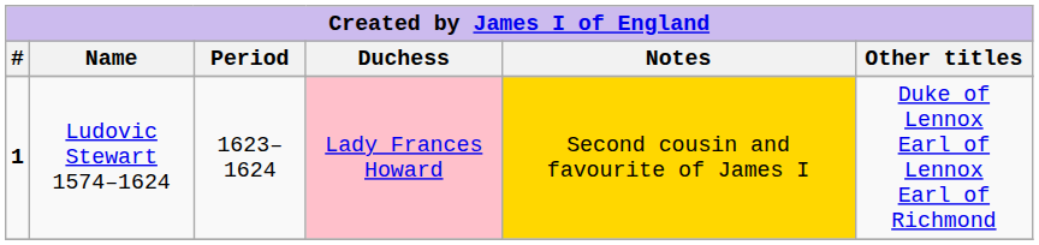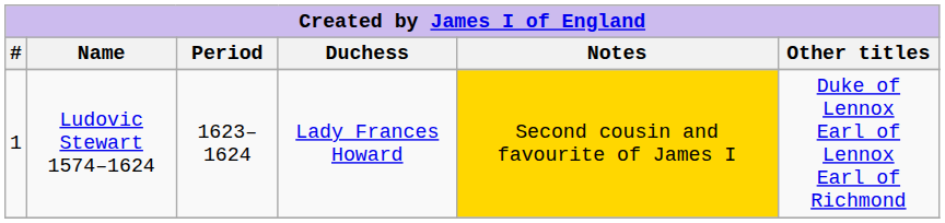 <table style="text-align:center" class="wikitable">
 <tr>
 <th colspan="6" style="background-color: #cbe">Created by <a href='#'>James I of England</a></th>
 </tr>
 <tr>
 <th>#</th>
 <th>Name</th>
 <th>Period</th>
 <th>Duchess</th>
 <th>Notes</th>
 <th>Other titles</th>
 </tr>
 <tr bgcolor="#dddddd" |>
 </tr>
 <tr>
-<td><strong>1</strong></td>
+<td>1</td>
 <td><a href='#'>Ludovic Stewart</a><br>1574–1624</td>
 <td>1623–1624</td>
-<td style="background: pink;"><a href='#'>Lady Frances Howard</a></td>
+<td><a href='#'>Lady Frances Howard</a></td>
 <td style="background: gold;">Second cousin and favourite of James I</td>
 <td><a href='#'>Duke of Lennox</a><br><a href='#'>Earl of Lennox</a><br><a href='#'>Earl of Richmond</a></td>
 </tr>
 <tr>
 </tr>
 </table>
